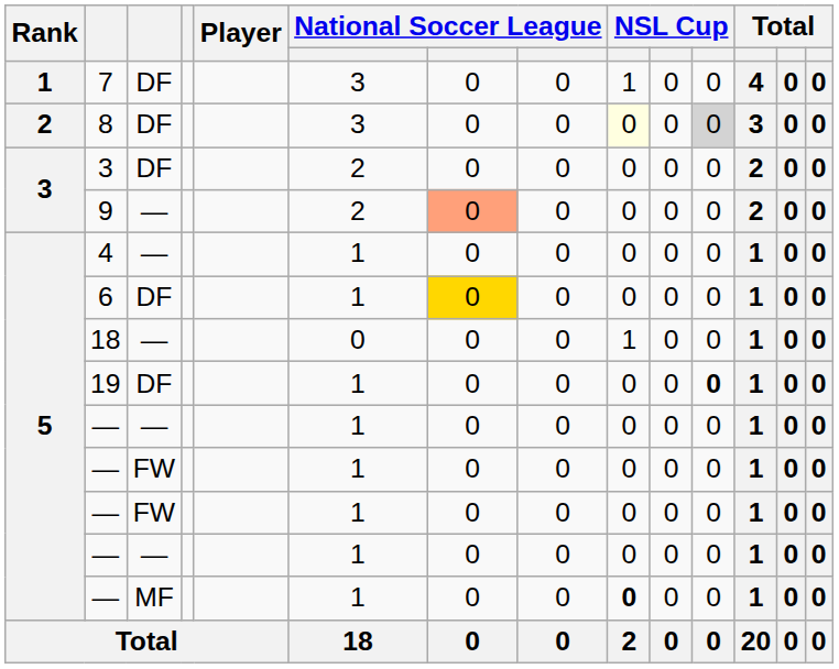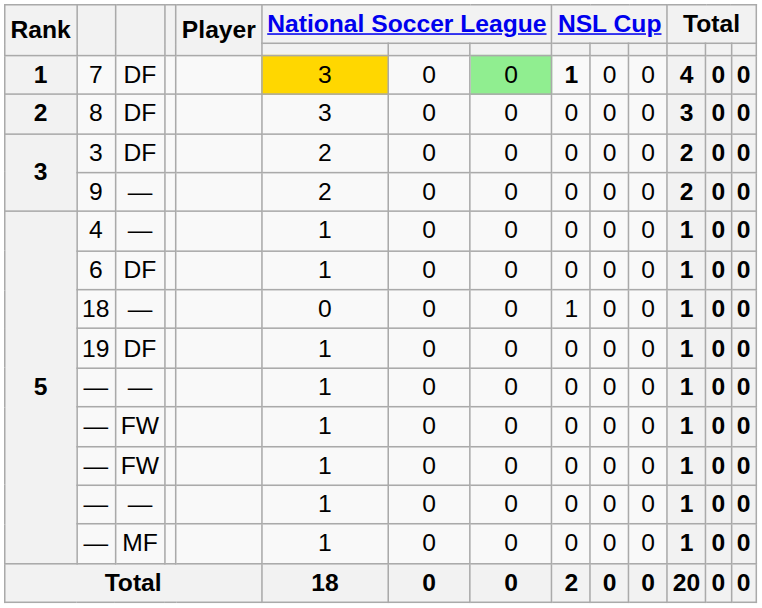 <table class="wikitable sortable" style="text-align:center">
 <tr>
 <th rowspan="2">Rank</th>
 <th rowspan="2"></th>
 <th rowspan="2"></th>
 <th rowspan="2"></th>
 <th rowspan="2">Player</th>
 <th colspan="3"><a href='#'>National Soccer League</a></th>
 <th colspan="3"><a href='#'>NSL Cup</a></th>
 <th colspan="3">Total</th>
 </tr>
 <tr>
 <th></th>
 <th></th>
 <th></th>
 <th></th>
 <th></th>
 <th></th>
 <th></th>
 <th></th>
 <th></th>
 </tr>
 <tr>
 <th>1</th>
 <td>7</td>
 <td>DF</td>
 <td></td>
 <td align="left"><br></td>
-<td>3</td>
+<td style="background: gold;">3</td>
 <td>0</td>
-<td>0<br></td>
-<td>1</td>
+<td style="background: lightgreen;">0<br></td>
+<td><strong>1</strong></td>
 <td>0</td>
 <td>0<br></td>
 <th>4</th>
 <th>0</th>
 <th>0</th>
 </tr>
 <tr>
 <th>2</th>
 <td>8</td>
 <td>DF</td>
 <td></td>
 <td align="left"><br></td>
 <td>3</td>
 <td>0</td>
 <td>0<br></td>
-<td style="background: lightyellow;">0</td>
 <td>0</td>
-<td style="background: lightgrey;">0<br></td>
+<td>0</td>
+<td>0<br></td>
 <th>3</th>
 <th>0</th>
 <th>0</th>
 </tr>
 <tr>
 <th rowspan="2">3</th>
 <td>3</td>
 <td>DF</td>
 <td></td>
 <td align="left"><br></td>
 <td>2</td>
 <td>0</td>
 <td>0<br></td>
 <td>0</td>
 <td>0</td>
 <td>0<br></td>
 <th>2</th>
 <th>0</th>
 <th>0</th>
 </tr>
 <tr>
 <td>9</td>
 <td>—</td>
 <td></td>
 <td align="left"><br></td>
 <td>2</td>
-<td style="background: lightsalmon;">0</td>
+<td>0</td>
 <td>0<br></td>
 <td>0</td>
 <td>0</td>
 <td>0<br></td>
 <th>2</th>
 <th>0</th>
 <th>0</th>
 </tr>
 <tr>
 <th rowspan="9">5</th>
 <td>4</td>
 <td>—</td>
 <td></td>
 <td align="left"><br></td>
 <td>1</td>
 <td>0</td>
 <td>0<br></td>
 <td>0</td>
 <td>0</td>
 <td>0<br></td>
 <th>1</th>
 <th>0</th>
 <th>0</th>
 </tr>
 <tr>
 <td>6</td>
 <td>DF</td>
 <td></td>
 <td align="left"><br></td>
 <td>1</td>
-<td style="background: gold;">0</td>
+<td>0</td>
 <td>0<br></td>
 <td>0</td>
 <td>0</td>
 <td>0<br></td>
 <th>1</th>
 <th>0</th>
 <th>0</th>
 </tr>
 <tr>
 <td>18</td>
 <td>—</td>
 <td></td>
 <td align="left"><br></td>
 <td>0</td>
 <td>0</td>
 <td>0<br></td>
 <td>1</td>
 <td>0</td>
 <td>0<br></td>
 <th>1</th>
 <th>0</th>
 <th>0</th>
 </tr>
 <tr>
 <td>19</td>
 <td>DF</td>
 <td></td>
 <td align="left"><br></td>
 <td>1</td>
 <td>0</td>
 <td>0<br></td>
 <td>0</td>
 <td>0</td>
-<td><strong>0<br></strong></td>
+<td>0<br></td>
 <th>1</th>
 <th>0</th>
 <th>0</th>
 </tr>
 <tr>
 <td>—</td>
 <td>—</td>
 <td></td>
 <td align="left"><br></td>
 <td>1</td>
 <td>0</td>
 <td>0<br></td>
 <td>0</td>
 <td>0</td>
 <td>0<br></td>
 <th>1</th>
 <th>0</th>
 <th>0</th>
 </tr>
 <tr>
 <td>—</td>
 <td>FW</td>
 <td></td>
 <td align="left"><br></td>
 <td>1</td>
 <td>0</td>
 <td>0<br></td>
 <td>0</td>
 <td>0</td>
 <td>0<br></td>
 <th>1</th>
 <th>0</th>
 <th>0</th>
 </tr>
 <tr>
 <td>—</td>
 <td>FW</td>
 <td></td>
 <td align="left"><br></td>
 <td>1</td>
 <td>0</td>
 <td>0<br></td>
 <td>0</td>
 <td>0</td>
 <td>0<br></td>
 <th>1</th>
 <th>0</th>
 <th>0</th>
 </tr>
 <tr>
 <td>—</td>
 <td>—</td>
 <td></td>
 <td align="left"><br></td>
 <td>1</td>
 <td>0</td>
 <td>0<br></td>
 <td>0</td>
 <td>0</td>
 <td>0<br></td>
 <th>1</th>
 <th>0</th>
 <th>0</th>
 </tr>
 <tr>
 <td>—</td>
 <td>MF</td>
 <td></td>
 <td align="left"><br></td>
 <td>1</td>
 <td>0</td>
 <td>0<br></td>
-<td><strong>0</strong></td>
+<td>0</td>
 <td>0</td>
 <td>0<br></td>
 <th>1</th>
 <th>0</th>
 <th>0</th>
 </tr>
 <tr>
 <th colspan="5">Total<br></th>
 <th>18</th>
 <th>0</th>
 <th>0<br></th>
 <th>2</th>
 <th>0</th>
 <th>0<br></th>
 <th>20</th>
 <th>0</th>
 <th>0</th>
 </tr>
 </table>
